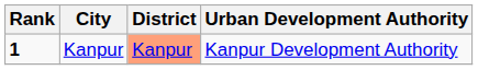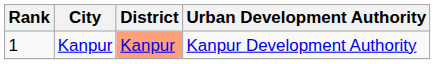 <table class="wikitable sortable">
 <tr>
 <th>Rank</th>
 <th>City</th>
 <th>District</th>
 <th>Urban Development Authority</th>
 </tr>
 <tr>
-<td><strong>1</strong></td>
+<td>1</td>
 <td><a href='#'>Kanpur</a></td>
 <td style="background: lightsalmon;"><a href='#'>Kanpur</a></td>
 <td><a href='#'>Kanpur Development Authority</a></td>
 </tr>
 <tr>
 </tr>
 </table>
